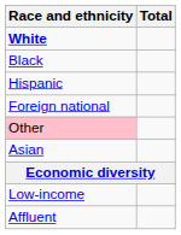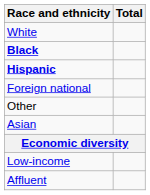 <table class="wikitable floatright sortable collapsible"; text-align:right; font-size:80%;">
 <tr>
 <th>Race and ethnicity</th>
 <th colspan="2" data-sort-type=number>Total</th>
 </tr>
 <tr>
-<td><strong><a href='#'>White</a></strong></td>
+<td><a href='#'>White</a></td>
 <td align=right></td>
 </tr>
 <tr>
-<td><a href='#'>Black</a></td>
+<td><strong><a href='#'>Black</a></strong></td>
 <td align=right></td>
 </tr>
 <tr>
-<td><a href='#'>Hispanic</a></td>
+<td><strong><a href='#'>Hispanic</a></strong></td>
 <td align=right></td>
 </tr>
 <tr>
 <td><a href='#'>Foreign national</a></td>
 <td align=right></td>
 </tr>
 <tr>
-<td style="background: pink;">Other</td>
+<td>Other</td>
 <td align=right></td>
 </tr>
 <tr>
 <td><a href='#'>Asian</a></td>
 <td align=right></td>
 </tr>
 <tr>
 <th colspan="4" data-sort-type=number><a href='#'>Economic diversity</a></th>
 </tr>
 <tr>
 <td><a href='#'>Low-income</a></td>
 <td align=right></td>
 </tr>
 <tr>
 <td><a href='#'>Affluent</a></td>
 <td align=right></td>
 </tr>
 </table>
